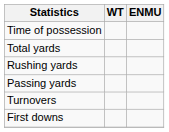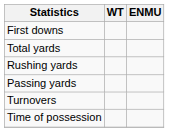 <table class="wikitable" style="float: left;">
 <tr>
 <th>Statistics</th>
 <th>WT</th>
 <th>ENMU</th>
 </tr>
 <tr>
-<td>Time of possession</td>
+<td>First downs</td>
 <td></td>
 <td></td>
 </tr>
 <tr>
 <td>Total yards</td>
 <td></td>
 <td></td>
 </tr>
 <tr>
 <td>Rushing yards</td>
 <td></td>
 <td></td>
 </tr>
 <tr>
 <td>Passing yards</td>
 <td></td>
 <td></td>
 </tr>
 <tr>
 <td>Turnovers</td>
 <td></td>
 <td></td>
 </tr>
 <tr>
-<td>First downs</td>
+<td>Time of possession</td>
 <td></td>
 <td></td>
 </tr>
 <tr>
 </tr>
 </table>
